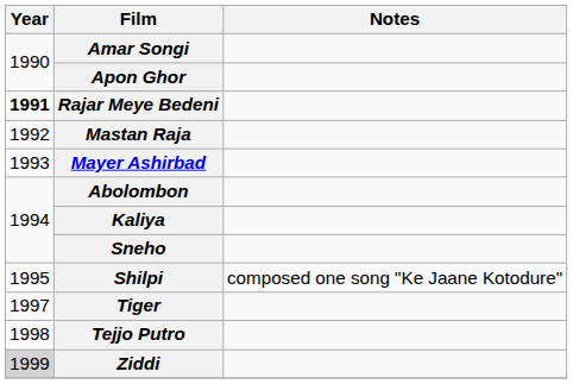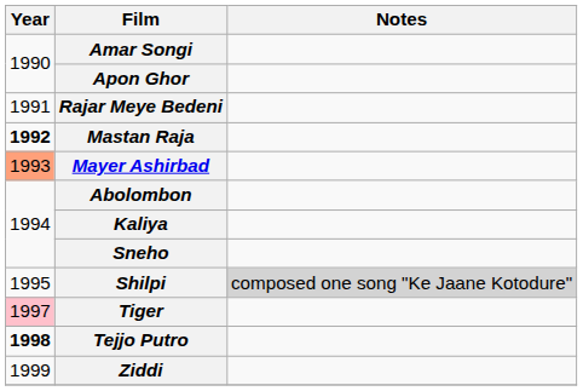 <table class="wikitable sortable">
 <tr>
 <th>Year</th>
 <th>Film</th>
 <th>Notes</th>
 </tr>
 <tr>
 <td rowspan=2>1990</td>
 <th><em>Amar Songi</em></th>
 <td></td>
 </tr>
 <tr>
 <th><em>Apon Ghor</em></th>
 <td></td>
 </tr>
 <tr>
-<td><strong>1991</strong></td>
+<td>1991</td>
 <th><em>Rajar Meye Bedeni</em></th>
 <td></td>
 </tr>
 <tr>
-<td>1992</td>
+<td><strong>1992</strong></td>
 <th><em>Mastan Raja</em></th>
 <td></td>
 </tr>
 <tr>
-<td>1993</td>
+<td style="background: lightsalmon;">1993</td>
 <th><em><a href='#'>Mayer Ashirbad</a></em> </th>
 <td></td>
 </tr>
 <tr>
 <td rowspan=3>1994</td>
 <th><em>Abolombon</em></th>
 <td></td>
 </tr>
 <tr>
 <th><em>Kaliya</em></th>
 <td></td>
 </tr>
 <tr>
 <th><em>Sneho</em></th>
 <td></td>
 </tr>
 <tr>
 <td>1995</td>
 <th><em>Shilpi</em></th>
-<td>composed one song "Ke Jaane Kotodure"</td>
+<td style="background: lightgrey;">composed one song "Ke Jaane Kotodure"</td>
 </tr>
 <tr>
-<td>1997</td>
+<td style="background: pink;">1997</td>
 <th><em>Tiger</em></th>
 <td></td>
 </tr>
 <tr>
-<td>1998</td>
+<td><strong>1998</strong></td>
 <th><em>Tejjo Putro</em></th>
 <td></td>
 </tr>
 <tr>
-<td style="background: lightgrey;">1999</td>
+<td>1999</td>
 <th><em>Ziddi</em> </th>
 <td></td>
 </tr>
 <tr>
 </tr>
 </table>
